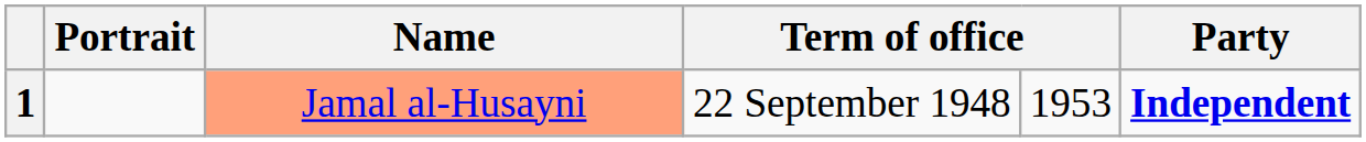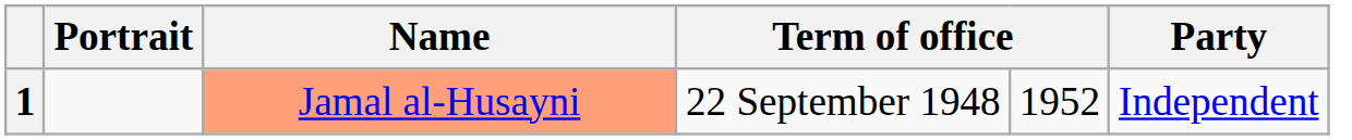 <table class="wikitable" style="text-align:center">
 <tr>
 <th></th>
 <th>Portrait</th>
 <th width=180>Name<br></th>
 <th colspan=2>Term of office</th>
 <th>Party</th>
 </tr>
 <tr>
 <th style="background:">1</th>
 <td></td>
 <td style="background: lightsalmon;"><a href='#'>Jamal al-Husayni</a><br></td>
 <td>22 September 1948</td>
-<td>1953</td>
-<td><strong><a href='#'>Independent</a></strong></td>
+<td>1952</td>
+<td><a href='#'>Independent</a></td>
 </tr>
 </table>
